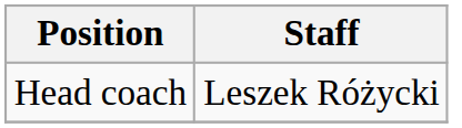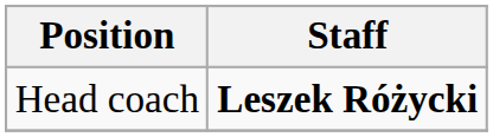 <table class=wikitable>
 <tr>
 <th>Position</th>
 <th>Staff</th>
 </tr>
 <tr>
 <td>Head coach</td>
-<td> Leszek Różycki</td>
+<td><strong> Leszek Różycki</strong></td>
 </tr>
 <tr>
 </tr>
 </table>
